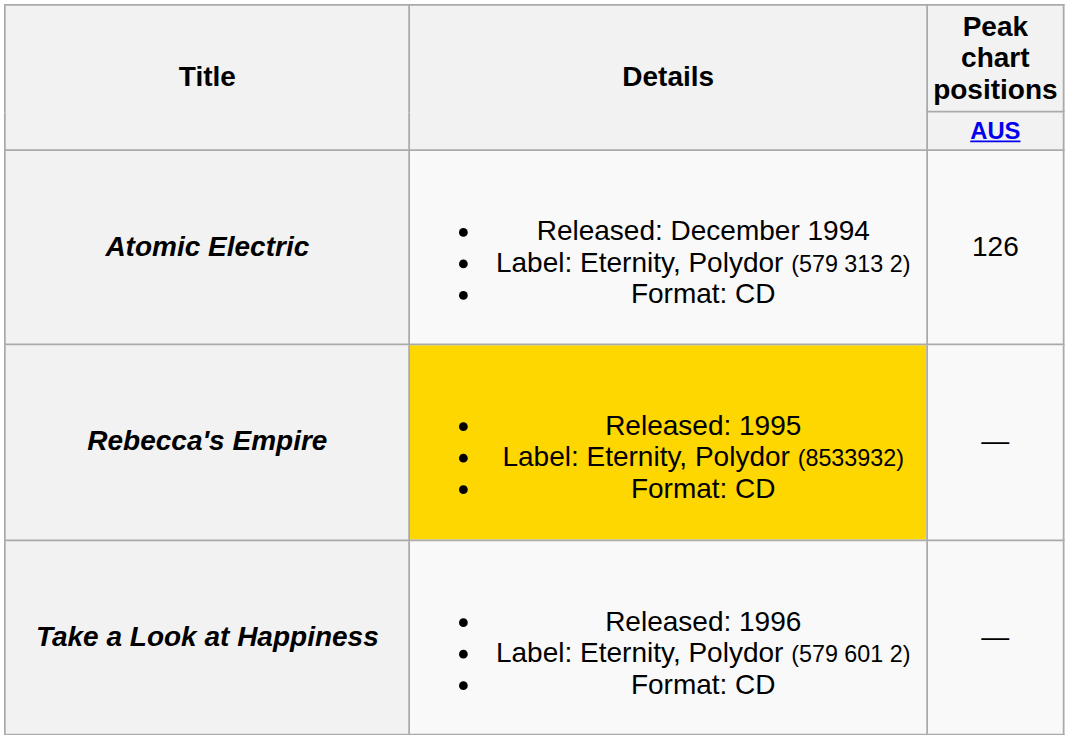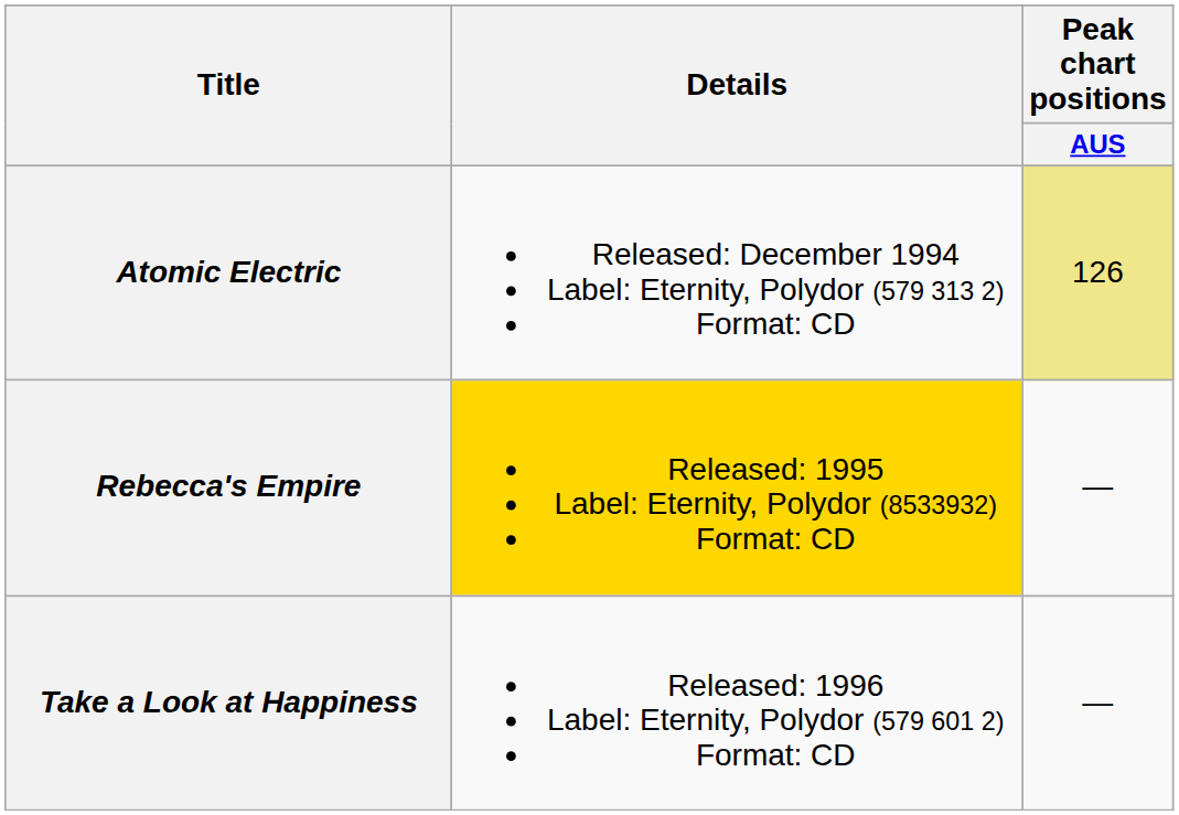 <table class="wikitable plainrowheaders" style="text-align:center;" border="1">
 <tr>
 <th scope="col" rowspan="2" style="width:14em;">Title</th>
 <th scope="col" rowspan="2" style="width:18em;">Details</th>
 <th scope="col" colspan="1">Peak chart positions</th>
 </tr>
 <tr>
 <th scope="col" style="width:3em;font-size:85%;"><a href='#'>AUS</a><br></th>
 </tr>
 <tr>
 <th scope="row"><em>Atomic Electric</em></th>
 <td><br><ul><li>Released: December 1994</li><li>Label: Eternity, Polydor <small>(579 313 2)</small></li><li>Format: CD</li></ul></td>
-<td>126</td>
+<td style="background: khaki;">126</td>
 </tr>
 <tr>
 <th scope="row"><em>Rebecca's Empire</em></th>
 <td style="background: gold;"><br><ul><li>Released: 1995</li><li>Label: Eternity, Polydor <small>(8533932)</small></li><li>Format: CD</li></ul></td>
 <td>—</td>
 </tr>
 <tr>
 <th scope="row"><em>Take a Look at Happiness</em></th>
 <td><br><ul><li>Released: 1996</li><li>Label: Eternity, Polydor <small>(579 601 2)</small></li><li>Format: CD</li></ul></td>
 <td>—</td>
 </tr>
 </table>
